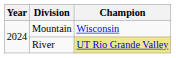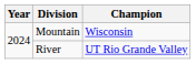 <table class="wikitable">
 <tr>
 <th>Year</th>
 <th>Division</th>
 <th>Champion</th>
 </tr>
 <tr>
 <td rowspan="2">2024</td>
 <td>Mountain</td>
 <td><a href='#'>Wisconsin</a></td>
 </tr>
 <tr>
 <td>River</td>
-<td style="background: khaki;"><a href='#'>UT Rio Grande Valley</a></td>
+<td><a href='#'>UT Rio Grande Valley</a></td>
 </tr>
 </table>
